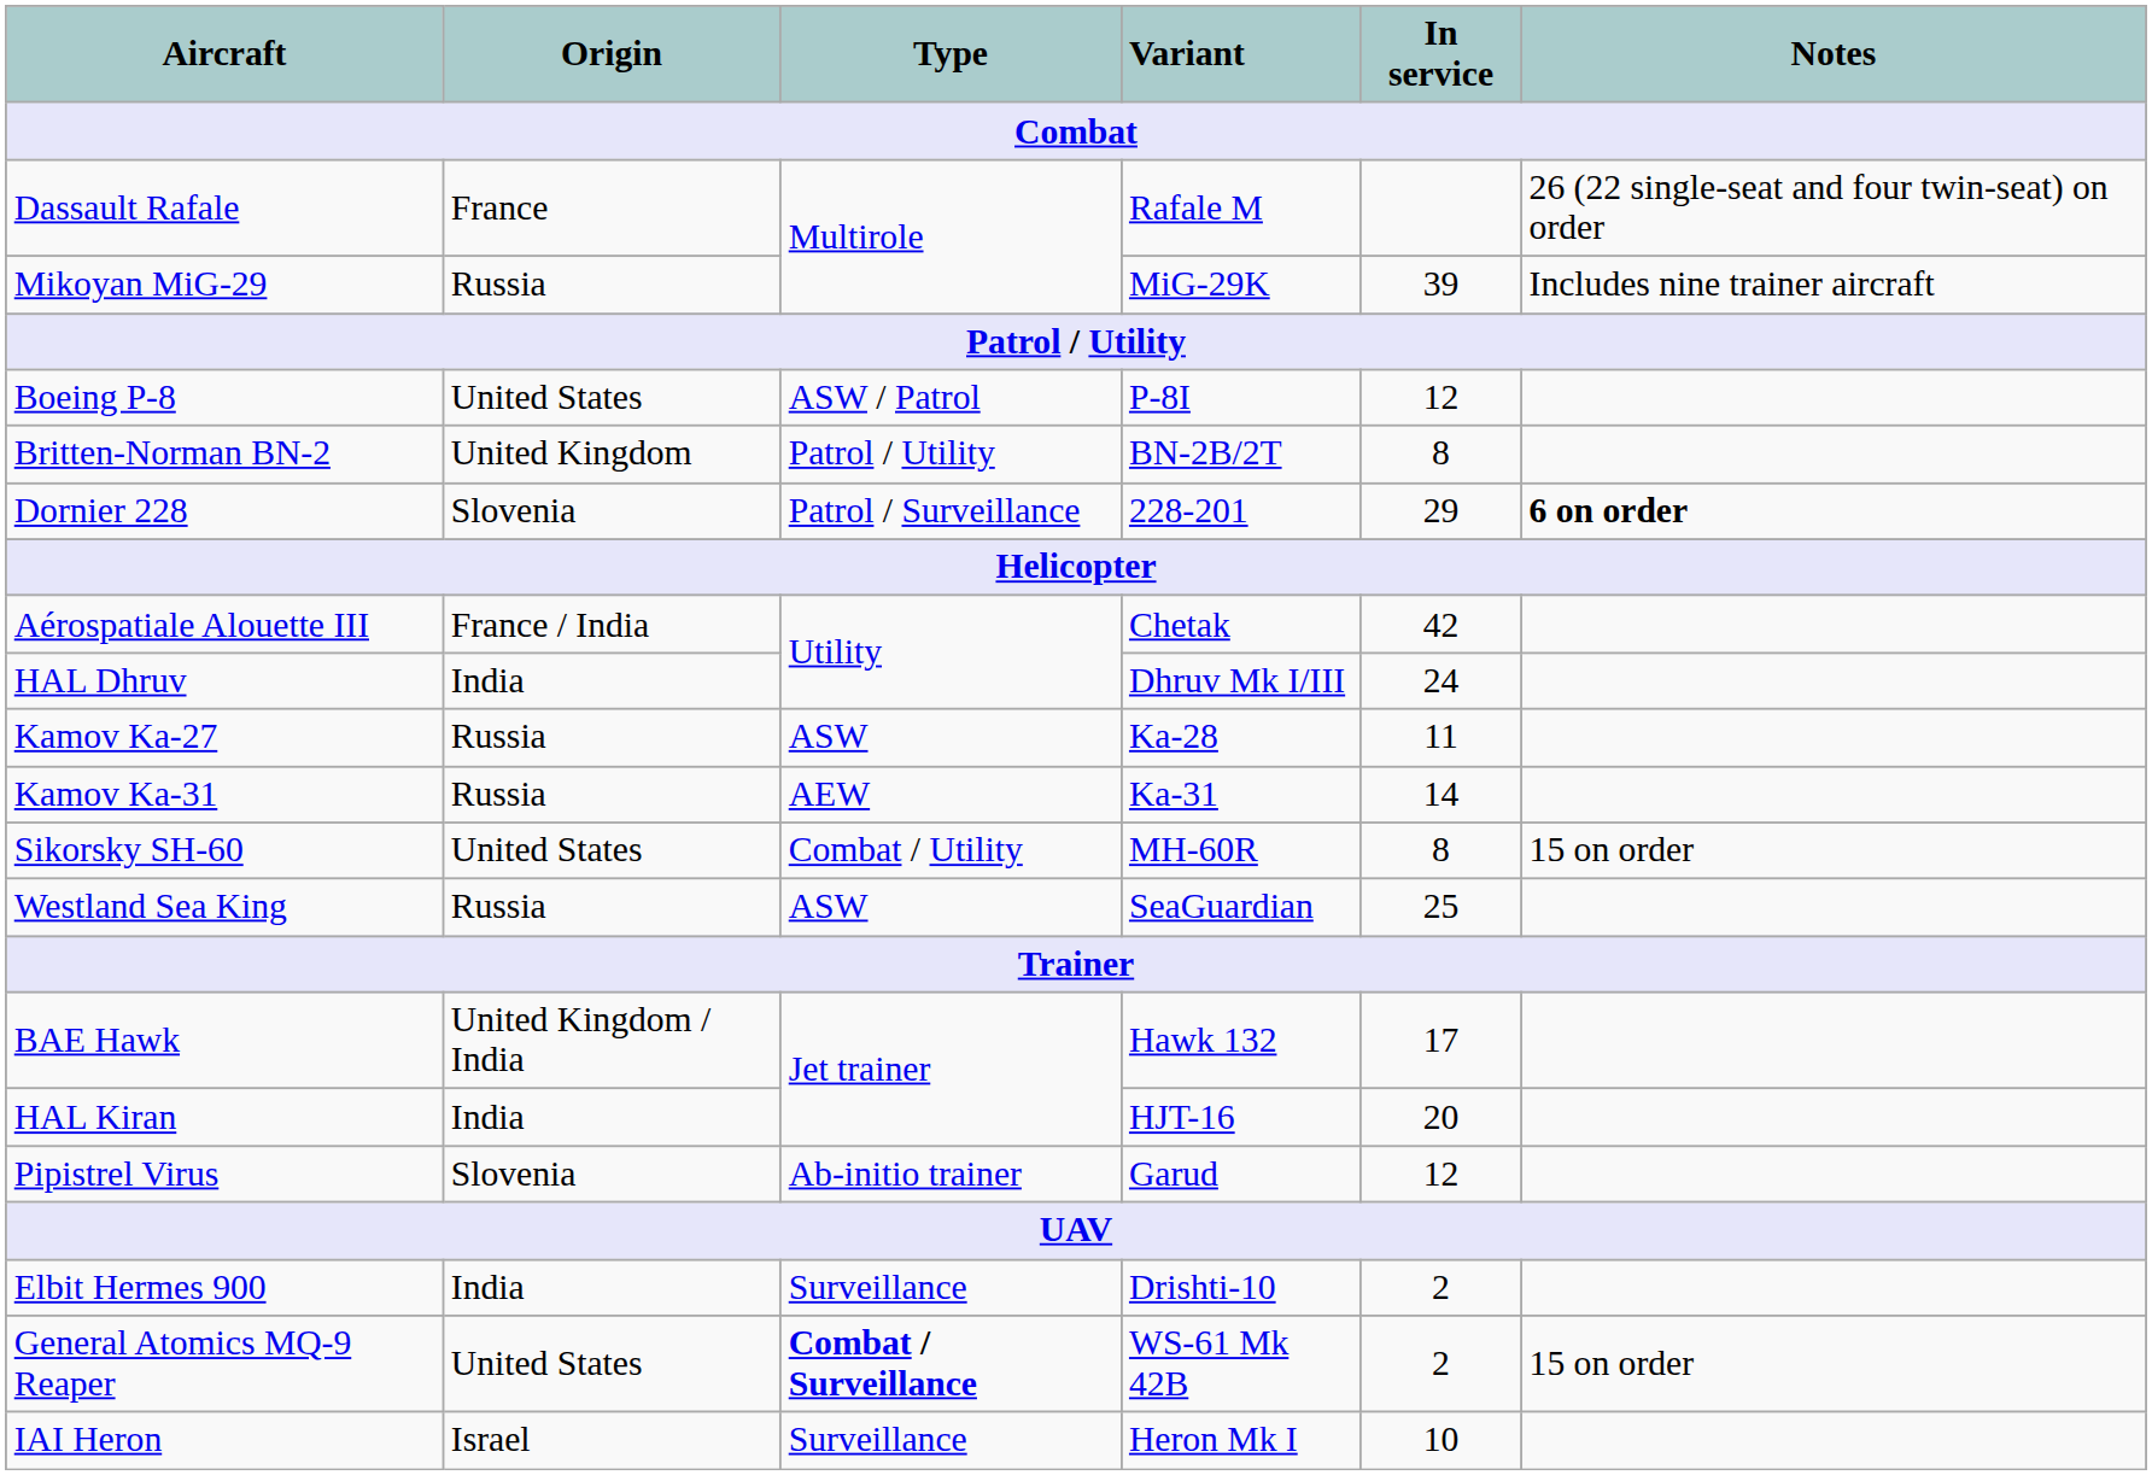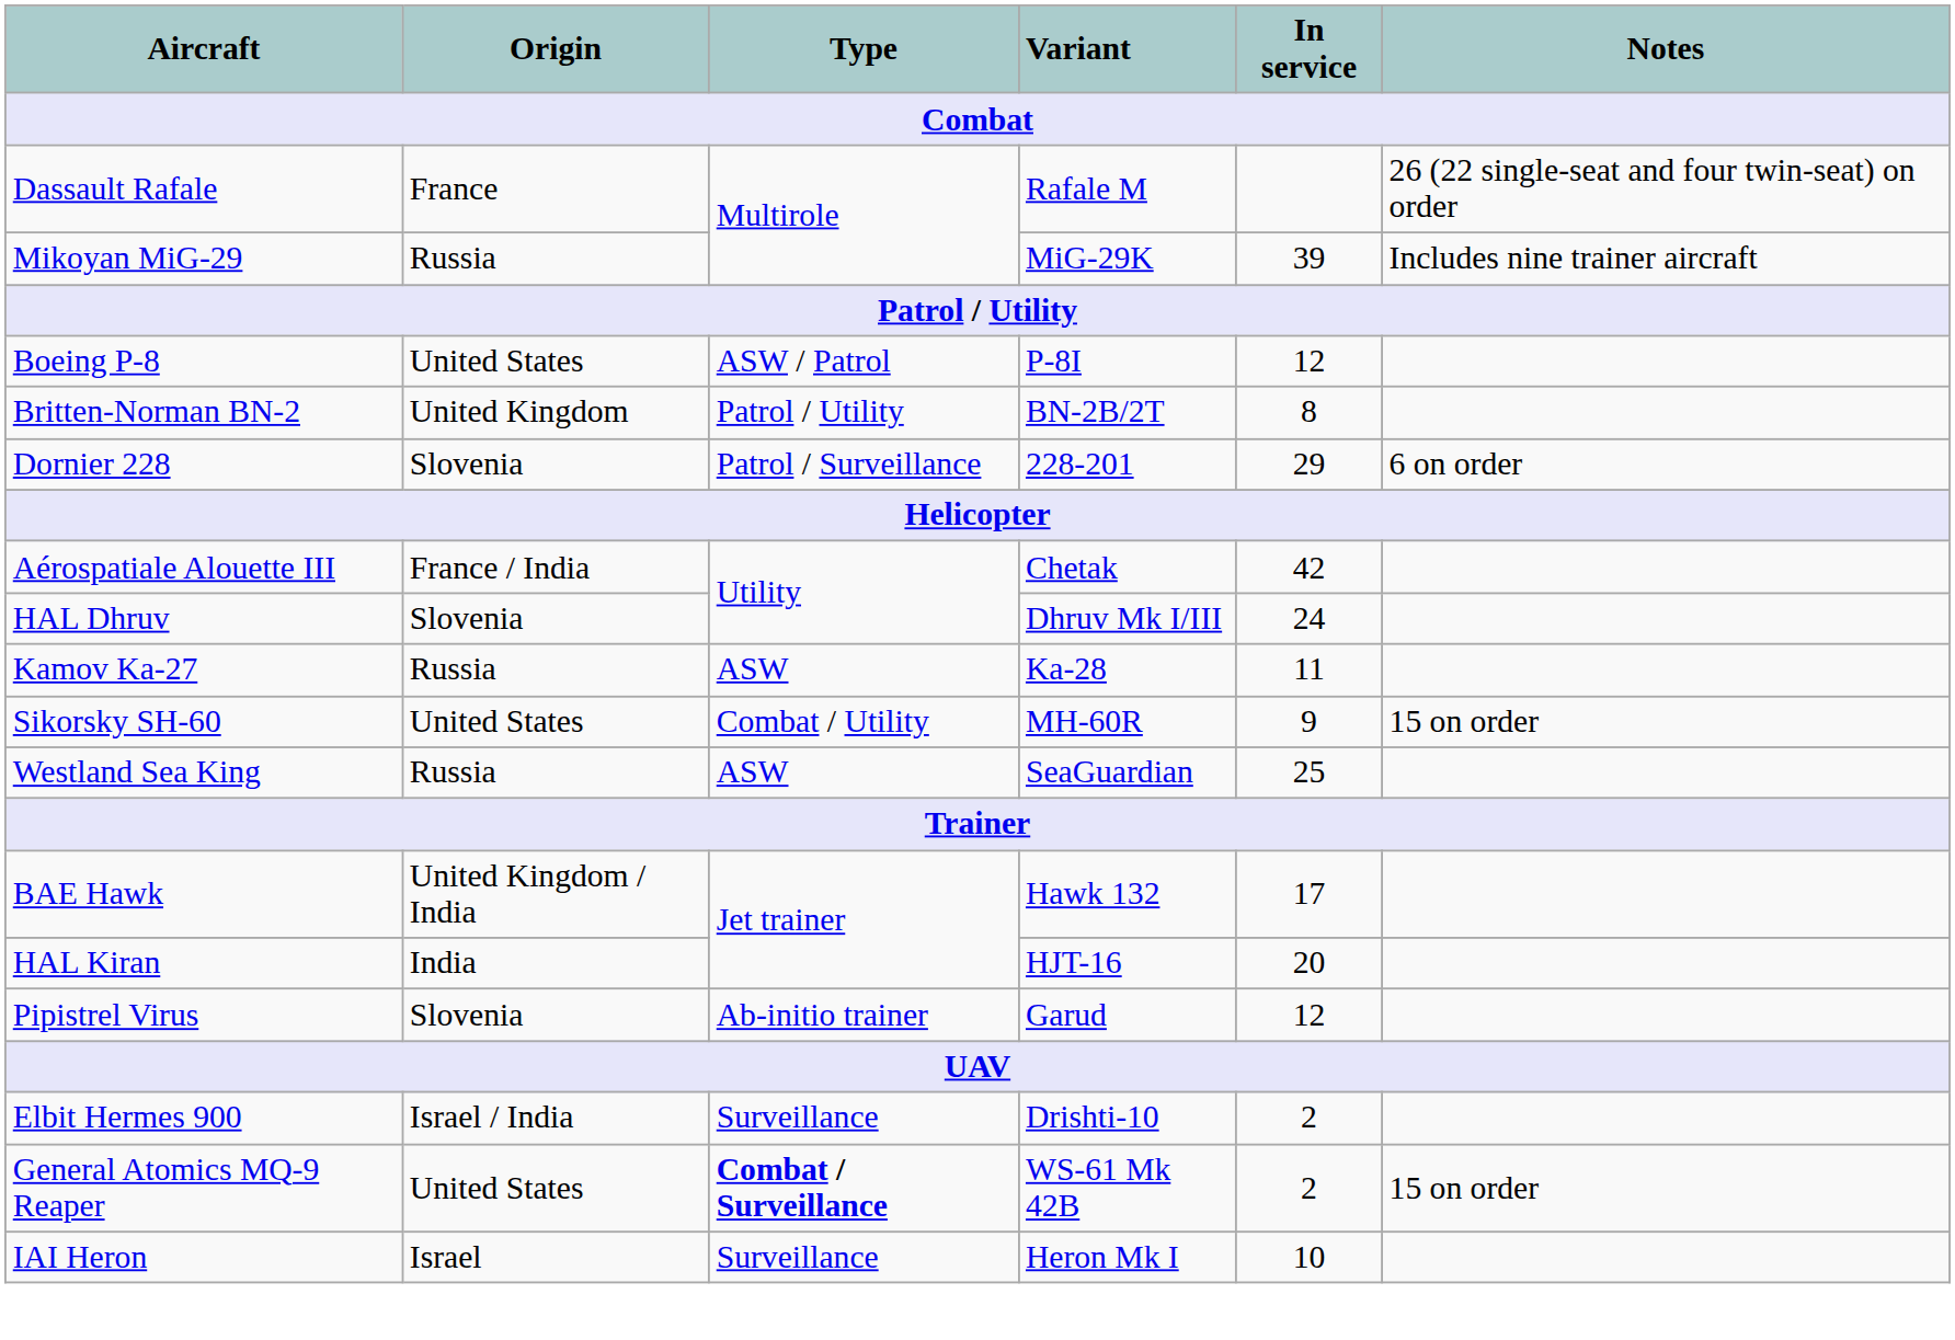 <table class="wikitable sortable" style="width:60em;">
 <tr>
 <th style="text-align:center; background:#acc;">Aircraft</th>
 <th style="text-align: center; background:#acc;">Origin</th>
 <th style="text-align:l center; background:#acc;">Type</th>
 <th style="text-align:left; background:#acc;">Variant</th>
 <th style="text-align:center; background:#acc;">In service</th>
 <th style="text-align: center; background:#acc;">Notes</th>
 </tr>
 <tr>
 <th colspan="6" style="align: center; background: lavender;"><a href='#'>Combat</a></th>
 </tr>
 <tr>
 <td><a href='#'>Dassault Rafale</a></td>
 <td>France</td>
 <td rowspan="2"><a href='#'>Multirole</a></td>
 <td><a href='#'>Rafale M</a></td>
 <td align="center"></td>
 <td>26 (22 single-seat and four twin-seat) on order</td>
 </tr>
 <tr>
 <td><a href='#'>Mikoyan MiG-29</a></td>
 <td>Russia</td>
 <td><a href='#'>MiG-29K</a></td>
 <td align="center">39</td>
 <td>Includes nine trainer aircraft</td>
 </tr>
 <tr>
 <th colspan="6" style="align: center; background: lavender;"><a href='#'>Patrol</a> / <a href='#'>Utility</a></th>
 </tr>
 <tr>
 <td><a href='#'>Boeing P-8</a></td>
 <td>United States</td>
 <td><a href='#'>ASW</a> / <a href='#'>Patrol</a></td>
 <td><a href='#'>P-8I</a></td>
 <td align="center">12</td>
 <td></td>
 </tr>
 <tr>
 <td><a href='#'>Britten-Norman BN-2</a></td>
 <td>United Kingdom</td>
 <td><a href='#'>Patrol</a> / <a href='#'>Utility</a></td>
 <td><a href='#'>BN-2B/2T</a></td>
 <td align="center">8</td>
 <td></td>
 </tr>
 <tr>
 <td><a href='#'>Dornier 228</a></td>
 <td>Slovenia</td>
 <td><a href='#'>Patrol</a> / <a href='#'>Surveillance</a></td>
 <td><a href='#'>228-201</a></td>
 <td align="center">29</td>
-<td><strong>6 on order</strong></td>
+<td>6 on order</td>
 </tr>
 <tr>
 <th colspan="6" style="align: center; background: lavender;"><a href='#'>Helicopter</a></th>
 </tr>
 <tr>
 <td><a href='#'>Aérospatiale Alouette III</a></td>
 <td>France / India</td>
 <td rowspan="2"><a href='#'>Utility</a></td>
 <td><a href='#'>Chetak</a></td>
 <td align="center">42</td>
 <td></td>
 </tr>
 <tr>
 <td><a href='#'>HAL Dhruv</a></td>
-<td>India</td>
+<td>Slovenia</td>
 <td><a href='#'>Dhruv Mk I/III</a></td>
 <td align="center">24</td>
 <td></td>
 </tr>
 <tr>
 <td><a href='#'>Kamov Ka-27</a></td>
 <td>Russia</td>
 <td><a href='#'>ASW</a></td>
 <td><a href='#'>Ka-28</a></td>
 <td align="center">11</td>
 <td></td>
 </tr>
 <tr>
-<td><a href='#'>Kamov Ka-31</a></td>
-<td>Russia</td>
-<td><a href='#'>AEW</a></td>
-<td><a href='#'>Ka-31</a></td>
-<td align="center">14</td>
-<td></td>
-</tr>
-<tr>
 <td><a href='#'>Sikorsky SH-60</a></td>
 <td>United States</td>
 <td><a href='#'>Combat</a> / <a href='#'>Utility</a></td>
 <td><a href='#'>MH-60R</a></td>
-<td align="center">8</td>
+<td align="center">9</td>
 <td>15 on order</td>
 </tr>
 <tr>
 <td><a href='#'>Westland Sea King</a></td>
 <td>Russia</td>
 <td><a href='#'>ASW</a></td>
 <td><a href='#'>SeaGuardian</a></td>
 <td align="center">25</td>
 <td></td>
 </tr>
 <tr>
 <th colspan="6" style="align: center; background: lavender;"><a href='#'>Trainer</a></th>
 </tr>
 <tr>
 <td><a href='#'>BAE Hawk</a></td>
 <td>United Kingdom / India</td>
 <td rowspan="2"><a href='#'>Jet trainer</a></td>
 <td><a href='#'>Hawk 132</a></td>
 <td align="center">17</td>
 <td></td>
 </tr>
 <tr>
 <td><a href='#'>HAL Kiran</a></td>
 <td>India</td>
 <td><a href='#'>HJT-16</a></td>
 <td align="center">20</td>
 <td></td>
 </tr>
 <tr>
 <td><a href='#'>Pipistrel Virus</a></td>
 <td>Slovenia</td>
 <td><a href='#'>Ab-initio trainer</a></td>
 <td><a href='#'>Garud</a></td>
 <td align="center">12</td>
 <td></td>
 </tr>
 <tr>
 <th colspan="6" style="align: center; background: lavender;"><a href='#'>UAV</a></th>
 </tr>
 <tr>
 <td><a href='#'>Elbit Hermes 900</a></td>
-<td>India</td>
+<td>Israel / India</td>
 <td><a href='#'>Surveillance</a></td>
 <td><a href='#'>Drishti-10</a></td>
 <td align="center">2</td>
 <td></td>
 </tr>
 <tr>
 <td><a href='#'>General Atomics MQ-9 Reaper</a></td>
 <td>United States</td>
 <td><strong><a href='#'>Combat</a> / <a href='#'>Surveillance</a></strong></td>
 <td><a href='#'>WS-61 Mk 42B</a></td>
 <td align="center">2</td>
 <td>15 on order</td>
 </tr>
 <tr>
 <td><a href='#'>IAI Heron</a></td>
 <td>Israel</td>
 <td><a href='#'>Surveillance</a></td>
 <td><a href='#'>Heron Mk I</a></td>
 <td align="center">10</td>
 <td></td>
 </tr>
 </table>
